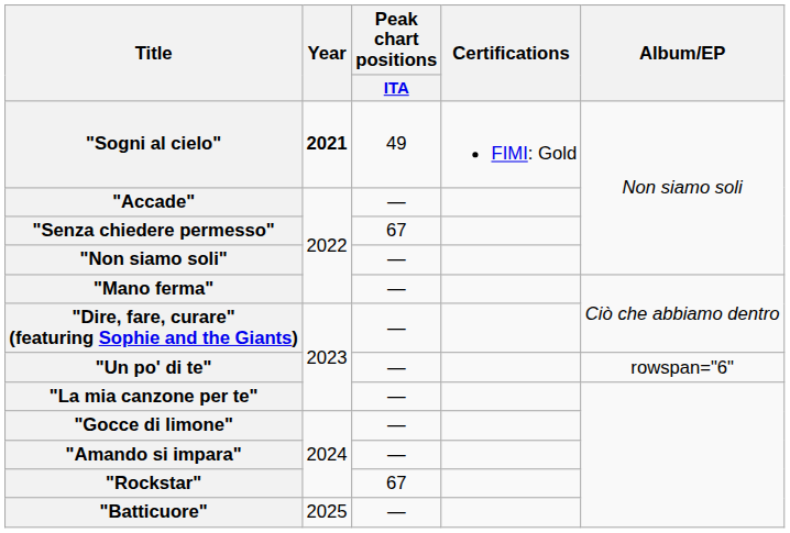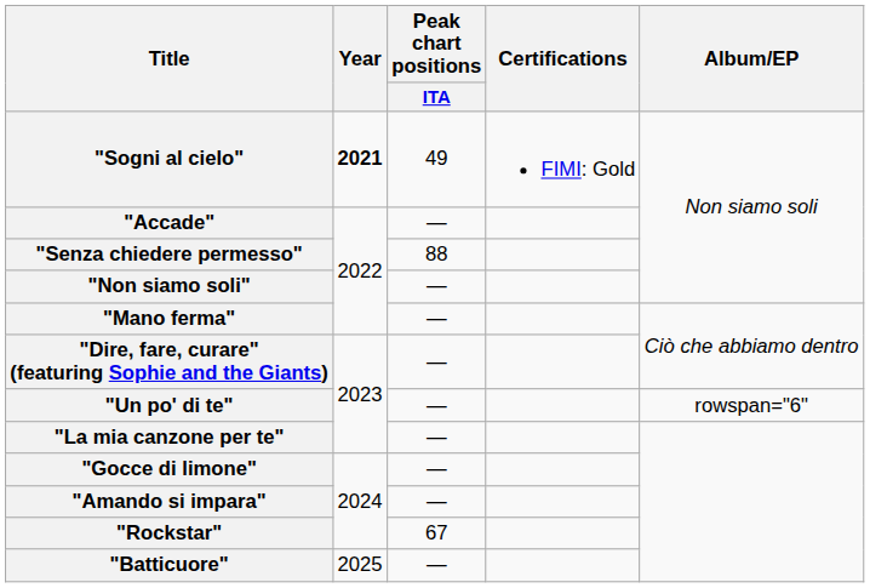 <table class="wikitable plainrowheaders" style="text-align:center;">
 <tr>
 <th scope="col" rowspan="2">Title</th>
 <th scope="col" rowspan="2">Year</th>
 <th scope="col" colspan="1">Peak chart positions</th>
 <th scope="col" rowspan="2">Certifications</th>
 <th scope="col" rowspan="2">Album/EP</th>
 </tr>
 <tr>
 <th scope="col" style="width:3em;font-size:90%;"><a href='#'>ITA</a><br></th>
 </tr>
 <tr>
 <th scope="row">"Sogni al cielo"</th>
 <td><strong>2021</strong></td>
 <td>49</td>
 <td><br><ul><li><a href='#'>FIMI</a>: Gold</li></ul></td>
 <td rowspan="4"><em>Non siamo soli</em></td>
 </tr>
 <tr>
 <th scope="row">"Accade"</th>
 <td rowspan="4">2022</td>
 <td>—</td>
 <td></td>
 </tr>
 <tr>
 <th scope="row">"Senza chiedere permesso"</th>
-<td>67</td>
+<td>88</td>
 <td></td>
 </tr>
 <tr>
 <th scope="row">"Non siamo soli"</th>
 <td>—</td>
 <td></td>
 </tr>
 <tr>
 <th scope="row">"Mano ferma"</th>
 <td>—</td>
 <td></td>
 <td rowspan="2"><em>Ciò che abbiamo dentro</em></td>
 </tr>
 <tr>
 <th scope="row">"Dire, fare, curare"<br>(featuring <a href='#'>Sophie and the Giants</a>)</th>
 <td rowspan="3">2023</td>
 <td>—</td>
 <td></td>
 </tr>
 <tr>
 <th scope="row">"Un po' di te"</th>
 <td>—</td>
 <td></td>
 <td>rowspan="6" </td>
 </tr>
 <tr>
 <th scope="row">"La mia canzone per te"</th>
 <td>—</td>
 <td></td>
 </tr>
 <tr>
 <th scope="row">"Gocce di limone"</th>
 <td rowspan="3">2024</td>
 <td>—</td>
 <td></td>
 </tr>
 <tr>
 <th scope="row">"Amando si impara"</th>
 <td>—</td>
 <td></td>
 </tr>
 <tr>
 <th scope="row">"Rockstar"</th>
 <td>67</td>
 <td></td>
 </tr>
 <tr>
 <th scope="row">"Batticuore"</th>
 <td>2025</td>
 <td>—</td>
 <td></td>
 </tr>
 </table>
